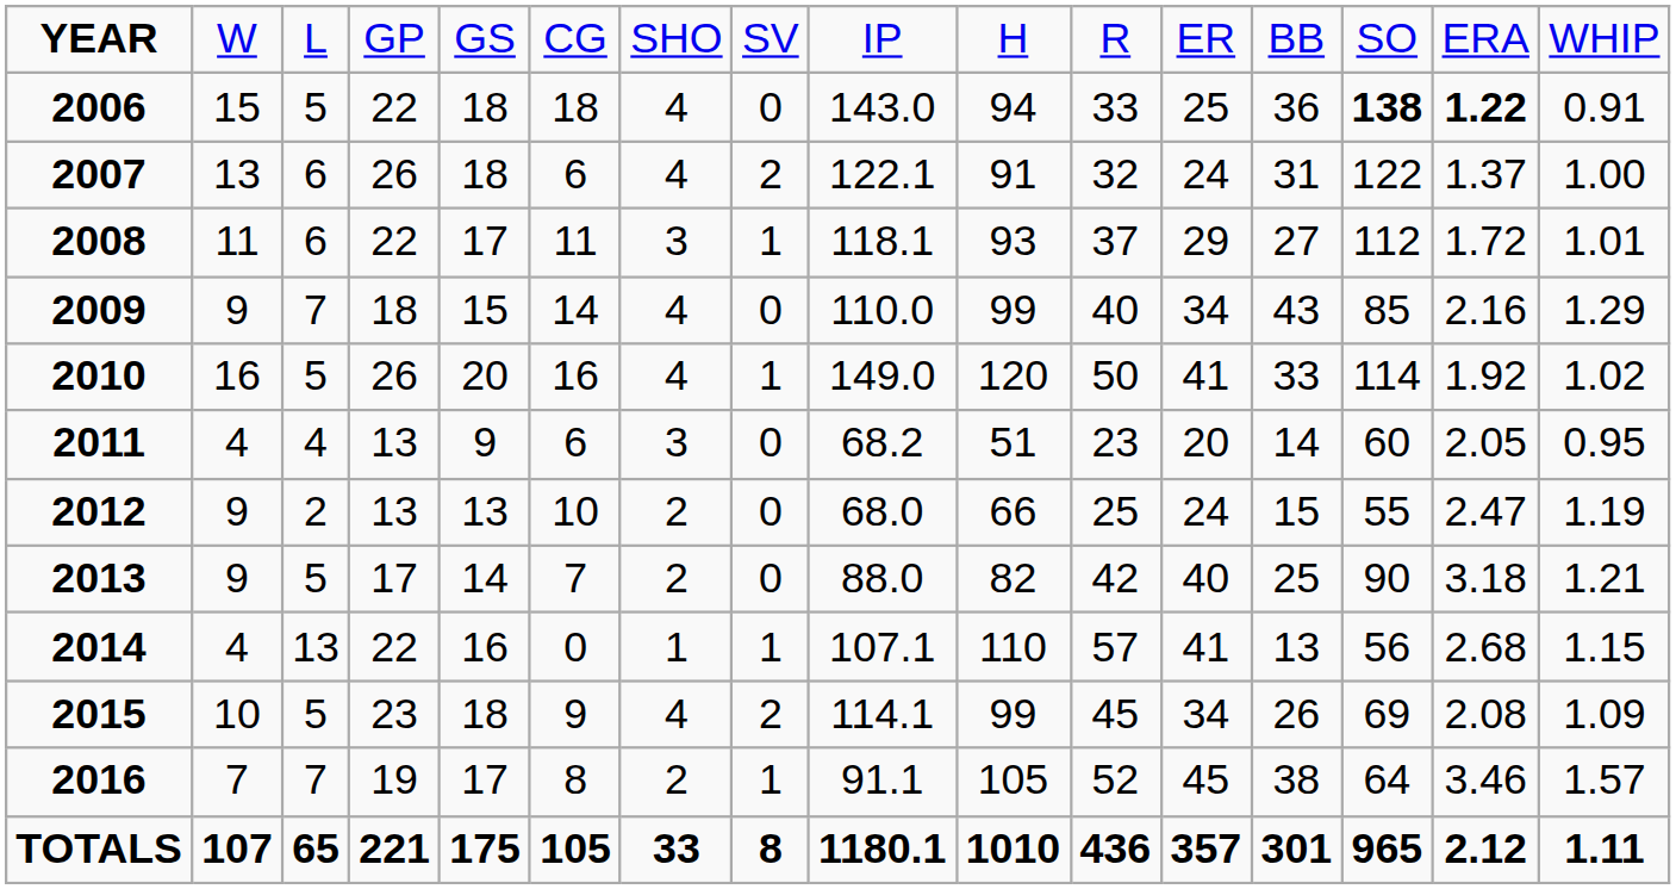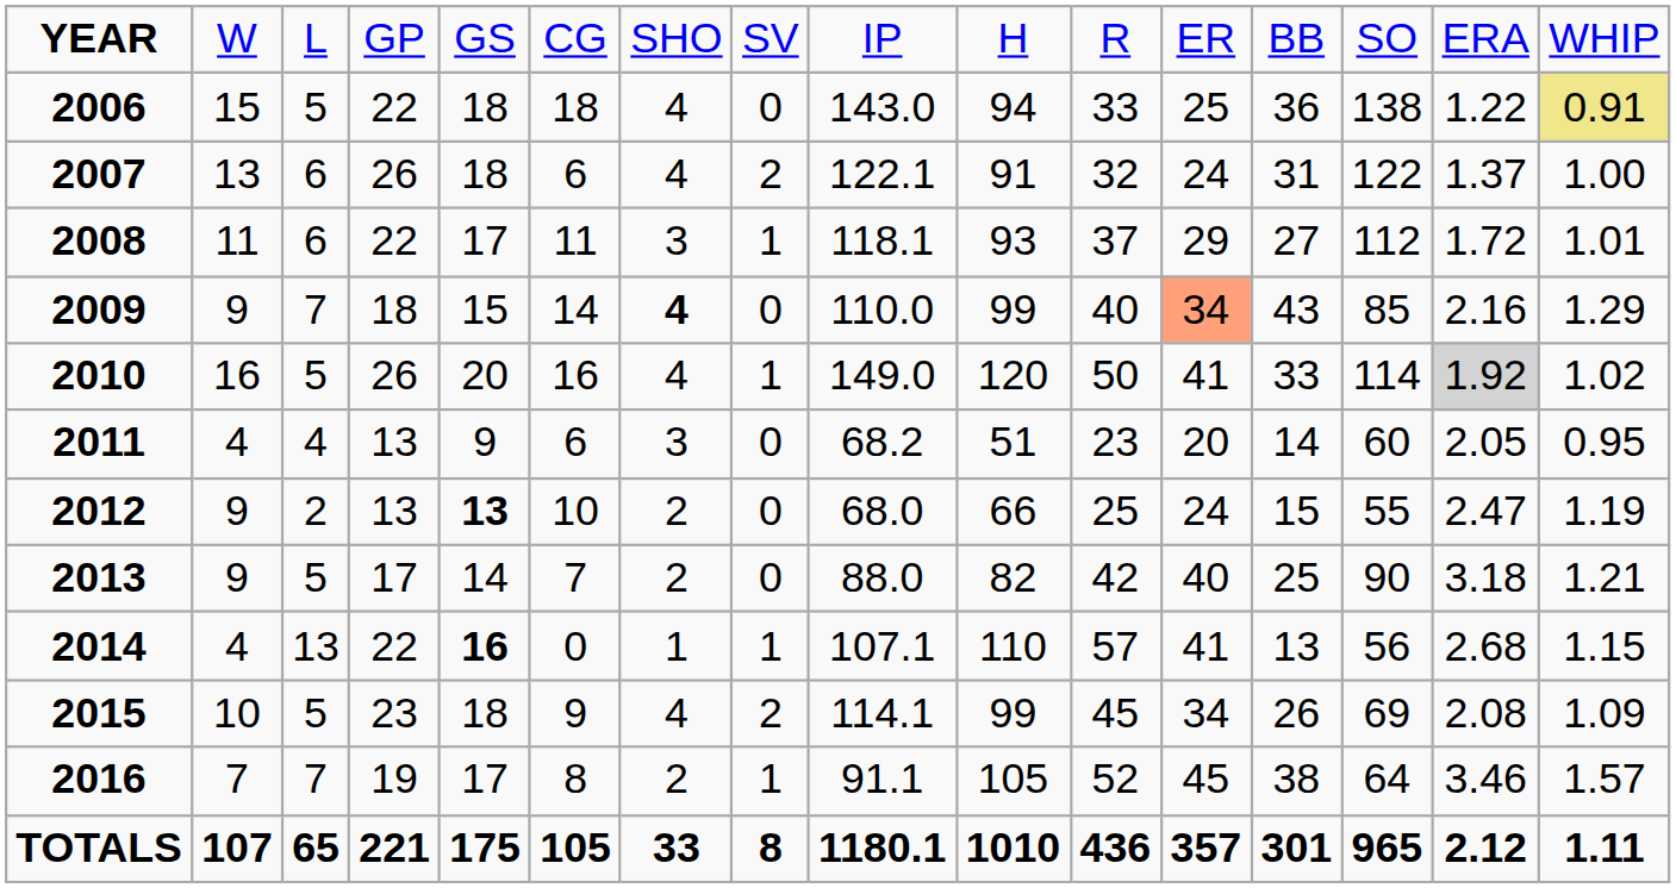 <table class="wikitable" style="text-align:center;">
 <tr>
 <td><strong>YEAR</strong></td>
 <td><a href='#'>W</a></td>
 <td><a href='#'>L</a></td>
 <td><a href='#'>GP</a></td>
 <td><a href='#'>GS</a></td>
 <td><a href='#'>CG</a></td>
 <td><a href='#'>SHO</a></td>
 <td><a href='#'>SV</a></td>
 <td><a href='#'>IP</a></td>
 <td><a href='#'>H</a></td>
 <td><a href='#'>R</a></td>
 <td><a href='#'>ER</a></td>
 <td><a href='#'>BB</a></td>
 <td><a href='#'>SO</a></td>
 <td><a href='#'>ERA</a></td>
 <td><a href='#'>WHIP</a></td>
 </tr>
 <tr>
 <td><strong>2006</strong></td>
 <td>15</td>
 <td>5</td>
 <td>22</td>
 <td>18</td>
 <td>18</td>
 <td>4</td>
 <td>0</td>
 <td>143.0</td>
 <td>94</td>
 <td>33</td>
 <td>25</td>
 <td>36</td>
-<td><strong>138</strong></td>
-<td><strong>1.22</strong></td>
-<td>0.91</td>
+<td>138</td>
+<td>1.22</td>
+<td style="background: khaki;">0.91</td>
 </tr>
 <tr>
 <td><strong>2007</strong></td>
 <td>13</td>
 <td>6</td>
 <td>26</td>
 <td>18</td>
 <td>6</td>
 <td>4</td>
 <td>2</td>
 <td>122.1</td>
 <td>91</td>
 <td>32</td>
 <td>24</td>
 <td>31</td>
 <td>122</td>
 <td>1.37</td>
 <td>1.00</td>
 </tr>
 <tr>
 <td><strong>2008</strong></td>
 <td>11</td>
 <td>6</td>
 <td>22</td>
 <td>17</td>
 <td>11</td>
 <td>3</td>
 <td>1</td>
 <td>118.1</td>
 <td>93</td>
 <td>37</td>
 <td>29</td>
 <td>27</td>
 <td>112</td>
 <td>1.72</td>
 <td>1.01</td>
 </tr>
 <tr>
 <td><strong>2009</strong></td>
 <td>9</td>
 <td>7</td>
 <td>18</td>
 <td>15</td>
 <td>14</td>
-<td>4</td>
+<td><strong>4</strong></td>
 <td>0</td>
 <td>110.0</td>
 <td>99</td>
 <td>40</td>
-<td>34</td>
+<td style="background: lightsalmon;">34</td>
 <td>43</td>
 <td>85</td>
 <td>2.16</td>
 <td>1.29</td>
 </tr>
 <tr>
 <td><strong>2010</strong></td>
 <td>16</td>
 <td>5</td>
 <td>26</td>
 <td>20</td>
 <td>16</td>
 <td>4</td>
 <td>1</td>
 <td>149.0</td>
 <td>120</td>
 <td>50</td>
 <td>41</td>
 <td>33</td>
 <td>114</td>
-<td>1.92</td>
+<td style="background: lightgrey;">1.92</td>
 <td>1.02</td>
 </tr>
 <tr>
 <td><strong>2011</strong></td>
 <td>4</td>
 <td>4</td>
 <td>13</td>
 <td>9</td>
 <td>6</td>
 <td>3</td>
 <td>0</td>
 <td>68.2</td>
 <td>51</td>
 <td>23</td>
 <td>20</td>
 <td>14</td>
 <td>60</td>
 <td>2.05</td>
 <td>0.95</td>
 </tr>
 <tr>
 <td><strong>2012</strong></td>
 <td>9</td>
 <td>2</td>
 <td>13</td>
-<td>13</td>
+<td><strong>13</strong></td>
 <td>10</td>
 <td>2</td>
 <td>0</td>
 <td>68.0</td>
 <td>66</td>
 <td>25</td>
 <td>24</td>
 <td>15</td>
 <td>55</td>
 <td>2.47</td>
 <td>1.19</td>
 </tr>
 <tr>
 <td><strong>2013</strong></td>
 <td>9</td>
 <td>5</td>
 <td>17</td>
 <td>14</td>
 <td>7</td>
 <td>2</td>
 <td>0</td>
 <td>88.0</td>
 <td>82</td>
 <td>42</td>
 <td>40</td>
 <td>25</td>
 <td>90</td>
 <td>3.18</td>
 <td>1.21</td>
 </tr>
 <tr>
 <td><strong>2014</strong></td>
 <td>4</td>
 <td>13</td>
 <td>22</td>
-<td>16</td>
+<td><strong>16</strong></td>
 <td>0</td>
 <td>1</td>
 <td>1</td>
 <td>107.1</td>
 <td>110</td>
 <td>57</td>
 <td>41</td>
 <td>13</td>
 <td>56</td>
 <td>2.68</td>
 <td>1.15</td>
 </tr>
 <tr>
 <td><strong>2015</strong></td>
 <td>10</td>
 <td>5</td>
 <td>23</td>
 <td>18</td>
 <td>9</td>
 <td>4</td>
 <td>2</td>
 <td>114.1</td>
 <td>99</td>
 <td>45</td>
 <td>34</td>
 <td>26</td>
 <td>69</td>
 <td>2.08</td>
 <td>1.09</td>
 </tr>
 <tr>
 <td><strong>2016</strong></td>
 <td>7</td>
 <td>7</td>
 <td>19</td>
 <td>17</td>
 <td>8</td>
 <td>2</td>
 <td>1</td>
 <td>91.1</td>
 <td>105</td>
 <td>52</td>
 <td>45</td>
 <td>38</td>
 <td>64</td>
 <td>3.46</td>
 <td>1.57</td>
 </tr>
 <tr>
 <td><strong>TOTALS</strong></td>
 <td><strong>107</strong></td>
 <td><strong>65</strong></td>
 <td><strong>221</strong></td>
 <td><strong>175</strong></td>
 <td><strong>105</strong></td>
 <td><strong>33</strong></td>
 <td><strong>8</strong></td>
 <td><strong>1180.1</strong></td>
 <td><strong>1010</strong></td>
 <td><strong>436</strong></td>
 <td><strong>357</strong></td>
 <td><strong>301</strong></td>
 <td><strong>965</strong></td>
 <td><strong>2.12</strong></td>
 <td><strong>1.11</strong></td>
 </tr>
 </table>
